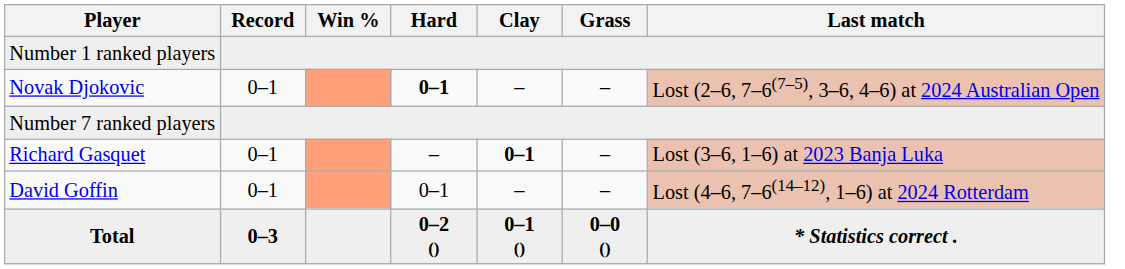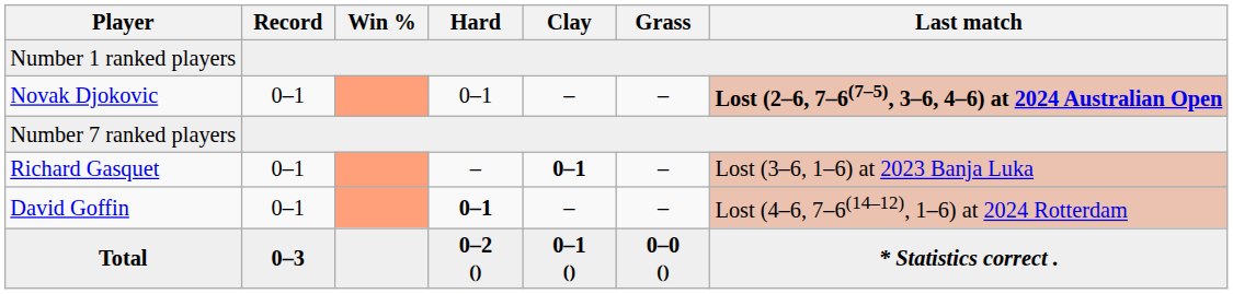 <table class="nowrap wikitable sortable" style=text-align:center>
 <tr>
 <th>Player</th>
 <th width=60>Record</th>
 <th width=60>Win %</th>
 <th width=60>Hard</th>
 <th width=60>Clay</th>
 <th width=60>Grass</th>
 <th>Last match</th>
 </tr>
 <tr style=background:#efefef>
 <td align=left>Number 1 ranked players</td>
 <td colspan="6"></td>
 </tr>
 <tr>
 <td align=left> <a href='#'>Novak Djokovic</a></td>
 <td>0–1</td>
 <td bgcolor=ffa07a></td>
-<td><strong>0–1</strong></td>
+<td>0–1</td>
 <td>–</td>
 <td>–</td>
-<td style=background:#ebc2af;text-align:left>Lost (2–6, 7–6<sup>(7–5)</sup>, 3–6, 4–6) at <a href='#'>2024 Australian Open</a></td>
+<td style=background:#ebc2af;text-align:left><strong>Lost (2–6, 7–6<sup>(7–5)</sup>, 3–6, 4–6) at <a href='#'>2024 Australian Open</a></strong></td>
 </tr>
 <tr style=background:#efefef>
 <td align=left>Number 7 ranked players</td>
 <td colspan="6"></td>
 </tr>
 <tr>
 <td align=left> <a href='#'>Richard Gasquet</a></td>
 <td>0–1</td>
 <td bgcolor=ffa07a></td>
 <td>–</td>
 <td><strong>0–1</strong></td>
 <td>–</td>
 <td style=background:#ebc2af;text-align:left>Lost (3–6, 1–6) at <a href='#'>2023 Banja Luka</a></td>
 </tr>
 <tr>
 <td align=left> <a href='#'>David Goffin</a></td>
 <td>0–1</td>
 <td bgcolor=ffa07a></td>
-<td>0–1</td>
+<td><strong>0–1</strong></td>
 <td>–</td>
 <td>–</td>
 <td style=background:#ebc2af;text-align:left>Lost (4–6, 7–6<sup>(14–12)</sup>, 1–6) at <a href='#'>2024 Rotterdam</a></td>
 </tr>
 <tr style="background:#efefef;font-weight:bold;">
 <td>Total</td>
 <td>0–3</td>
 <td></td>
 <td>0–2 <br> <small>()</small></td>
 <td>0–1 <br> <small>()</small></td>
 <td>0–0 <br> <small>()</small></td>
 <td><em>* Statistics correct .</em></td>
 </tr>
 </table>
